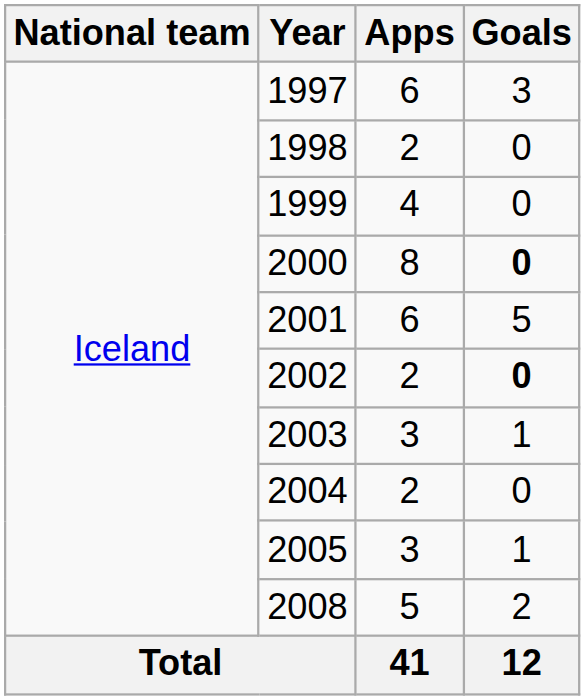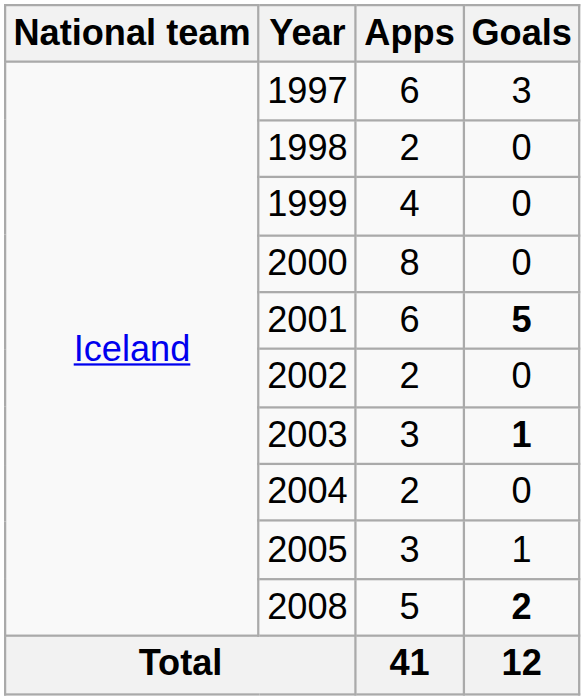 <table class="wikitable" style="text-align:center">
 <tr>
 <th>National team</th>
 <th>Year</th>
 <th>Apps</th>
 <th>Goals</th>
 </tr>
 <tr>
 <td rowspan="10"><a href='#'>Iceland</a></td>
 <td>1997</td>
 <td>6</td>
 <td>3</td>
 </tr>
 <tr>
 <td>1998</td>
 <td>2</td>
 <td>0</td>
 </tr>
 <tr>
 <td>1999</td>
 <td>4</td>
 <td>0</td>
 </tr>
 <tr>
 <td>2000</td>
 <td>8</td>
-<td><strong>0</strong></td>
+<td>0</td>
 </tr>
 <tr>
 <td>2001</td>
 <td>6</td>
-<td>5</td>
+<td><strong>5</strong></td>
 </tr>
 <tr>
 <td>2002</td>
 <td>2</td>
-<td><strong>0</strong></td>
+<td>0</td>
 </tr>
 <tr>
 <td>2003</td>
 <td>3</td>
-<td>1</td>
+<td><strong>1</strong></td>
 </tr>
 <tr>
 <td>2004</td>
 <td>2</td>
 <td>0</td>
 </tr>
 <tr>
 <td>2005</td>
 <td>3</td>
 <td>1</td>
 </tr>
 <tr>
 <td>2008</td>
 <td>5</td>
-<td>2</td>
+<td><strong>2</strong></td>
 </tr>
 <tr>
 <th colspan="2">Total</th>
 <th>41</th>
 <th>12</th>
 </tr>
 </table>
